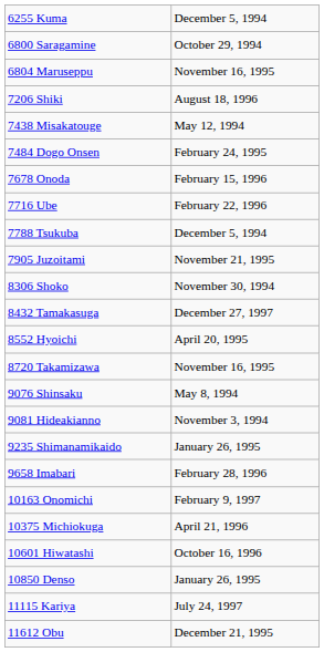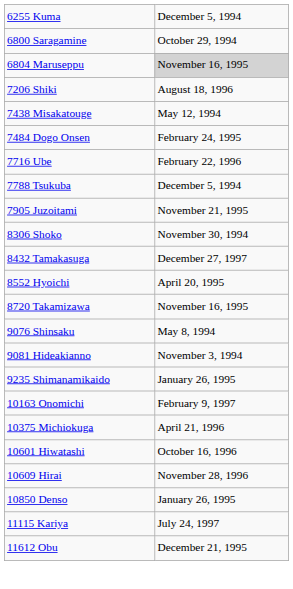 <table class="wikitable" style="font-size: 89%; float: left; width: 25em; margin-right: 1em; line-height: 1.65em !important; height: 540px;">
 <tr>
 <td><a href='#'>6255 Kuma</a></td>
 <td>December 5, 1994</td>
 </tr>
 <tr>
 <td><a href='#'>6800 Saragamine</a></td>
 <td>October 29, 1994</td>
 </tr>
 <tr>
 <td><a href='#'>6804 Maruseppu</a></td>
-<td>November 16, 1995</td>
+<td style="background: lightgrey;">November 16, 1995</td>
 </tr>
 <tr>
 <td><a href='#'>7206 Shiki</a></td>
 <td>August 18, 1996</td>
 </tr>
 <tr>
 <td><a href='#'>7438 Misakatouge</a></td>
 <td>May 12, 1994</td>
 </tr>
 <tr>
 <td><a href='#'>7484 Dogo Onsen</a></td>
 <td>February 24, 1995</td>
-</tr>
-<tr>
-<td><a href='#'>7678 Onoda</a></td>
-<td>February 15, 1996</td>
 </tr>
 <tr>
 <td><a href='#'>7716 Ube</a></td>
 <td>February 22, 1996</td>
 </tr>
 <tr>
 <td><a href='#'>7788 Tsukuba</a></td>
 <td>December 5, 1994</td>
 </tr>
 <tr>
 <td><a href='#'>7905 Juzoitami</a></td>
 <td>November 21, 1995</td>
 </tr>
 <tr>
 <td><a href='#'>8306 Shoko</a></td>
 <td>November 30, 1994</td>
 </tr>
 <tr>
 <td><a href='#'>8432 Tamakasuga</a></td>
 <td>December 27, 1997</td>
 </tr>
 <tr>
 <td><a href='#'>8552 Hyoichi</a></td>
 <td>April 20, 1995</td>
 </tr>
 <tr>
 <td><a href='#'>8720 Takamizawa</a></td>
 <td>November 16, 1995</td>
 </tr>
 <tr>
 <td><a href='#'>9076 Shinsaku</a></td>
 <td>May 8, 1994</td>
 </tr>
 <tr>
 <td><a href='#'>9081 Hideakianno</a></td>
 <td>November 3, 1994</td>
 </tr>
 <tr>
 <td><a href='#'>9235 Shimanamikaido</a></td>
 <td>January 26, 1995</td>
 </tr>
 <tr>
-<td><a href='#'>9658 Imabari</a></td>
-<td>February 28, 1996</td>
-</tr>
-<tr>
 <td><a href='#'>10163 Onomichi</a></td>
 <td>February 9, 1997</td>
 </tr>
 <tr>
 <td><a href='#'>10375 Michiokuga</a></td>
 <td>April 21, 1996</td>
 </tr>
 <tr>
 <td><a href='#'>10601 Hiwatashi</a></td>
 <td>October 16, 1996</td>
+</tr>
+<tr>
+<td><a href='#'>10609 Hirai</a></td>
+<td>November 28, 1996</td>
 </tr>
 <tr>
 <td><a href='#'>10850 Denso</a></td>
 <td>January 26, 1995</td>
 </tr>
 <tr>
 <td><a href='#'>11115 Kariya</a></td>
 <td>July 24, 1997</td>
 </tr>
 <tr>
 <td><a href='#'>11612 Obu</a></td>
 <td>December 21, 1995</td>
 </tr>
 </table>
